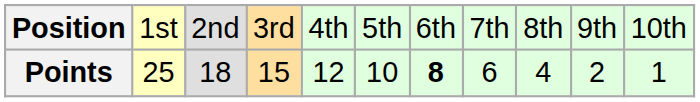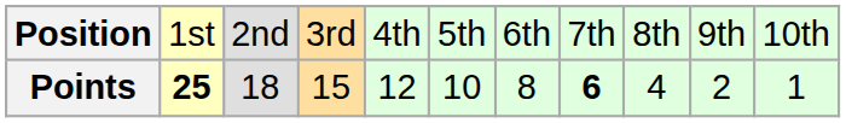 <table class="wikitable" style="font-size:85%; text-align: center;">
 <tr>
 <th>Position</th>
 <td style="background:#ffffbf;">1st</td>
 <td style="background:#dfdfdf;">2nd</td>
 <td style="background:#ffdf9f;">3rd</td>
 <td style="background:#dfffdf;">4th</td>
 <td style="background:#dfffdf;">5th</td>
 <td style="background:#dfffdf;">6th</td>
 <td style="background:#dfffdf;">7th</td>
 <td style="background:#dfffdf;">8th</td>
 <td style="background:#dfffdf;">9th</td>
 <td style="background:#dfffdf;">10th</td>
 </tr>
 <tr>
 <th>Points</th>
-<td style="background:#ffffbf;">25</td>
+<td style="background:#ffffbf;"><strong>25</strong></td>
 <td style="background:#dfdfdf;">18</td>
 <td style="background:#ffdf9f;">15</td>
 <td style="background:#dfffdf;">12</td>
 <td style="background:#dfffdf;">10</td>
-<td style="background:#dfffdf;"><strong>8</strong></td>
-<td style="background:#dfffdf;">6</td>
+<td style="background:#dfffdf;">8</td>
+<td style="background:#dfffdf;"><strong>6</strong></td>
 <td style="background:#dfffdf;">4</td>
 <td style="background:#dfffdf;">2</td>
 <td style="background:#dfffdf;">1</td>
 </tr>
 </table>
